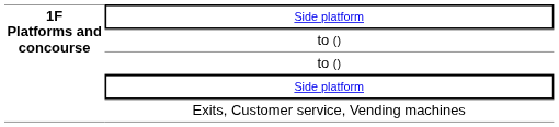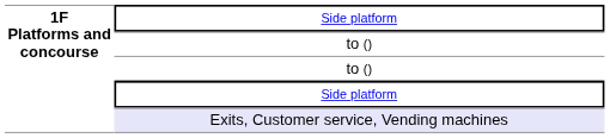 <table table border=0 cellspacing=0 cellpadding=3>
 <tr>
 <td style="border-bottom:solid 1px gray; border-top:solid 1px gray;text-align:center" rowspan="5" valign=top><strong>1F<br>Platforms and<br>concourse</strong></td>
 <td style="border-right:solid 2px black;border-left:solid 2px black;border-top:solid 2px black;border-bottom:solid 2px black;text-align:center;" colspan=2><small><a href='#'>Side platform</a></small></td>
 </tr>
 <tr>
 <td style="border-bottom:solid 1px gray; border-top:solid 1px gray;text-align:center;">  to  <small>()</small></td>
 </tr>
 <tr>
 <td style="border-bottom:solid 1px gray;text-align:center;"> to  <small>()</small> </td>
 </tr>
 <tr>
 <td style="border-right:solid 2px black;border-left:solid 2px black;border-top:solid 2px black;border-bottom:solid 2px black;text-align:center;" colspan=2><small><a href='#'>Side platform</a></small></td>
 </tr>
 <tr>
-<td style="border-bottom:solid 1px gray; border-top:solid 1px gray;text-align:center;" valign=top width=500>Exits, Customer service, Vending machines</td>
+<td style="background: lavender; border-bottom:solid 1px gray; border-top:solid 1px gray;text-align:center;" valign=top width=500>Exits, Customer service, Vending machines</td>
 </tr>
 </table>
